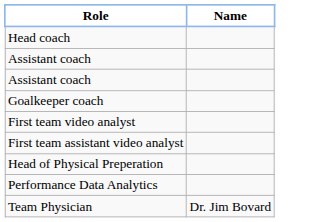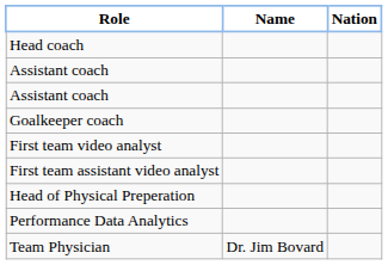 <table class="wikitable sortable">
 <tr>
 <th style="background:#FFFFFF; colour:#15284B; border:2px solid #8DB8E9;" scope="col">Role</th>
 <th style="background:#FFFFFF; colour:#15284B; border:2px solid #8DB8E9;" scope="col">Name</th>
+<th style="background:#FFFFFF; colour:#15284B; border:2px solid #8DB8E9;" scope="col">Nation</th>
 </tr>
 <tr>
 <td>Head coach</td>
+<td></td>
 <td></td>
 </tr>
 <tr>
 <td>Assistant coach</td>
 <td></td>
+<td></td>
 </tr>
 <tr>
 <td>Assistant coach</td>
+<td></td>
 <td></td>
 </tr>
 <tr>
 <td>Goalkeeper coach</td>
 <td></td>
+<td></td>
 </tr>
 <tr>
 <td>First team video analyst</td>
+<td></td>
 <td></td>
 </tr>
 <tr>
 <td>First team assistant video analyst</td>
 <td></td>
+<td></td>
 </tr>
 <tr>
 <td>Head of Physical Preperation</td>
+<td></td>
 <td></td>
 </tr>
 <tr>
 <td>Performance Data Analytics</td>
 <td></td>
+<td></td>
 </tr>
 <tr>
 <td>Team Physician</td>
 <td>Dr. Jim Bovard</td>
+<td></td>
 </tr>
 </table>
